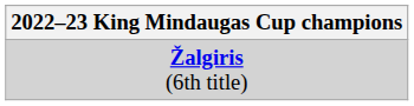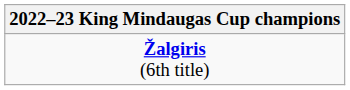 <table class=wikitable style="text-align:center; margin:auto">
 <tr>
 <th>2022–23 King Mindaugas Cup champions</th>
 </tr>
 <tr>
-<td style="background: lightgrey;"><strong><a href='#'>Žalgiris</a></strong><br>(6th title)</td>
+<td><strong><a href='#'>Žalgiris</a></strong><br>(6th title)</td>
 </tr>
 </table>
